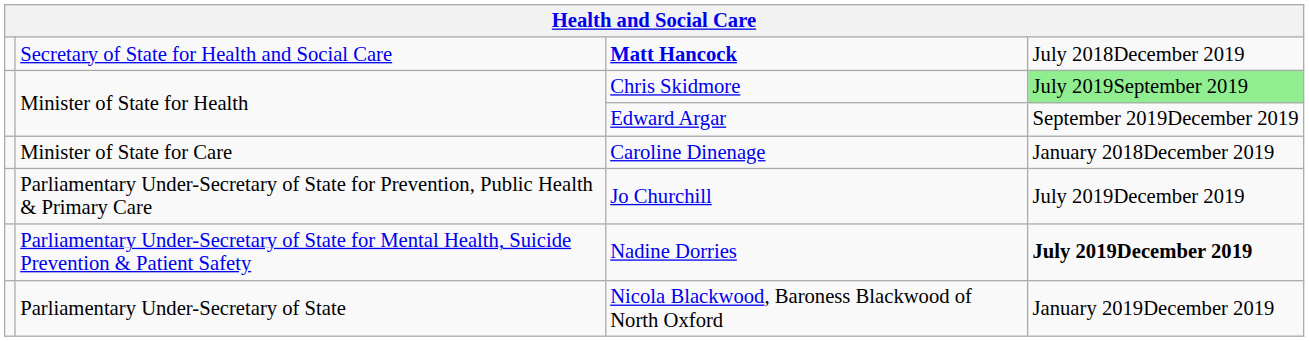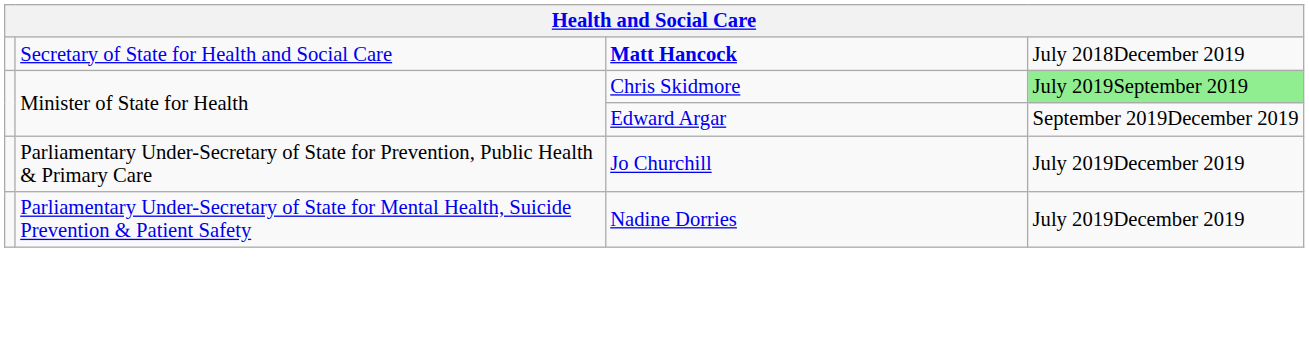 <table class="wikitable">
 <tr>
 <th colspan="4"><a href='#'>Health and Social Care</a></th>
 </tr>
 <tr>
 <td style="width: 1px; background: "></td>
 <td style="width: 450px;"><a href='#'>Secretary of State for Health and Social Care</a></td>
 <td style="width: 320px;"><strong><a href='#'>Matt Hancock</a></strong></td>
 <td>July 2018December 2019</td>
 </tr>
 <tr>
 <td rowspan=2 style="width: 1px; background: "></td>
 <td rowspan=2 style="width: 450px;">Minister of State for Health</td>
 <td style="width: 320px;"><a href='#'>Chris Skidmore</a></td>
 <td style="background: lightgreen;">July 2019September 2019</td>
 </tr>
 <tr>
 <td><a href='#'>Edward Argar</a></td>
 <td>September 2019December 2019</td>
 </tr>
 <tr>
 <td style="width: 1px; background: "></td>
-<td style="width: 450px;">Minister of State for Care</td>
-<td style="width: 320px;"><a href='#'>Caroline Dinenage</a></td>
-<td>January 2018December 2019</td>
-</tr>
-<tr>
-<td style="width: 1px; background: "></td>
 <td>Parliamentary Under-Secretary of State for Prevention, Public Health & Primary Care</td>
 <td><a href='#'>Jo Churchill</a></td>
 <td>July 2019December 2019</td>
 </tr>
 <tr>
 <td style="width: 1px; background: "></td>
 <td><a href='#'>Parliamentary Under-Secretary of State for Mental Health, Suicide Prevention & Patient Safety</a></td>
 <td><a href='#'>Nadine Dorries</a></td>
-<td><strong>July 2019December 2019</strong></td>
-</tr>
-<tr>
-<td style="width: 1px; background: "></td>
-<td>Parliamentary Under-Secretary of State</td>
-<td><a href='#'>Nicola Blackwood</a>, Baroness Blackwood of North Oxford</td>
-<td>January 2019December 2019</td>
+<td>July 2019December 2019</td>
 </tr>
 </table>
